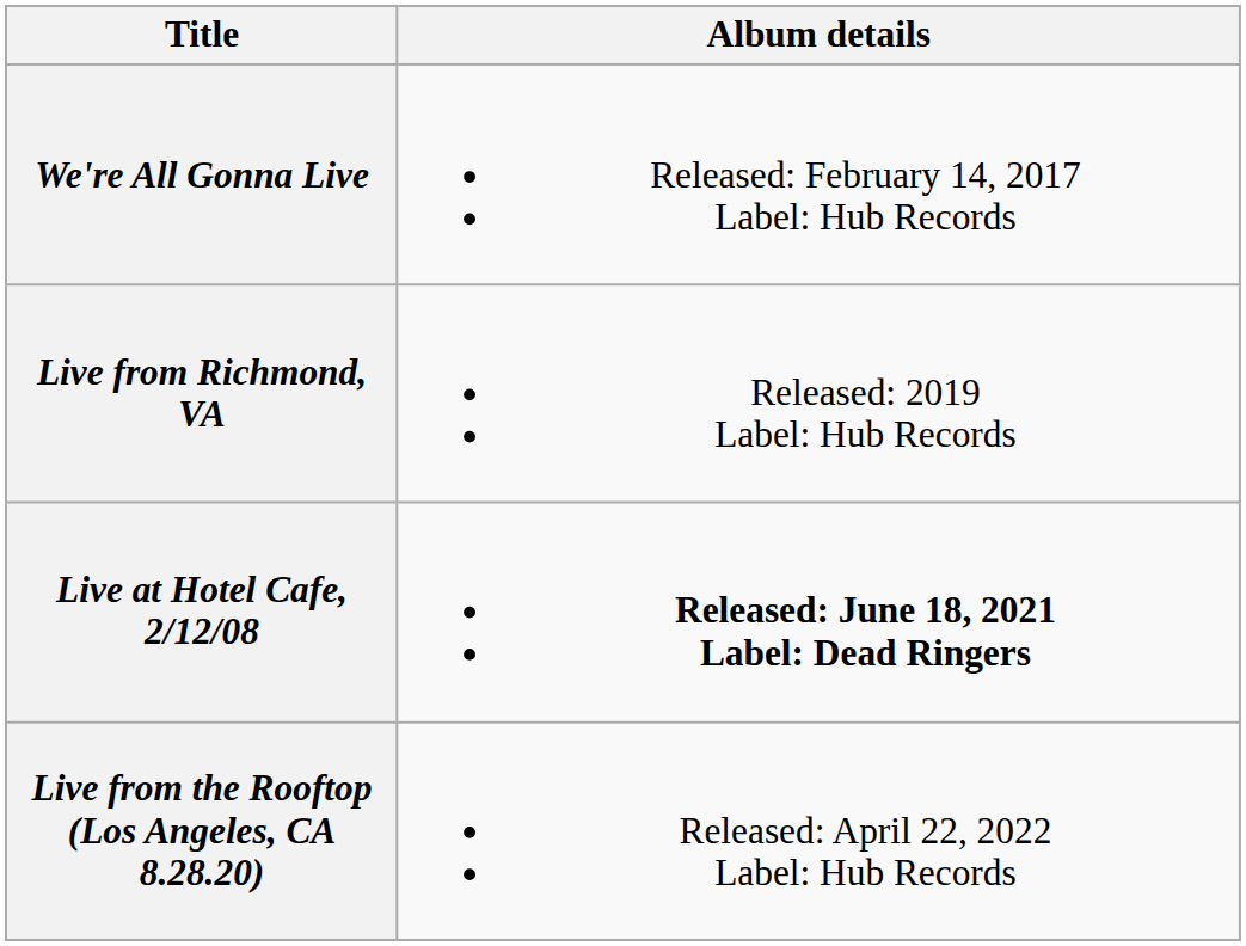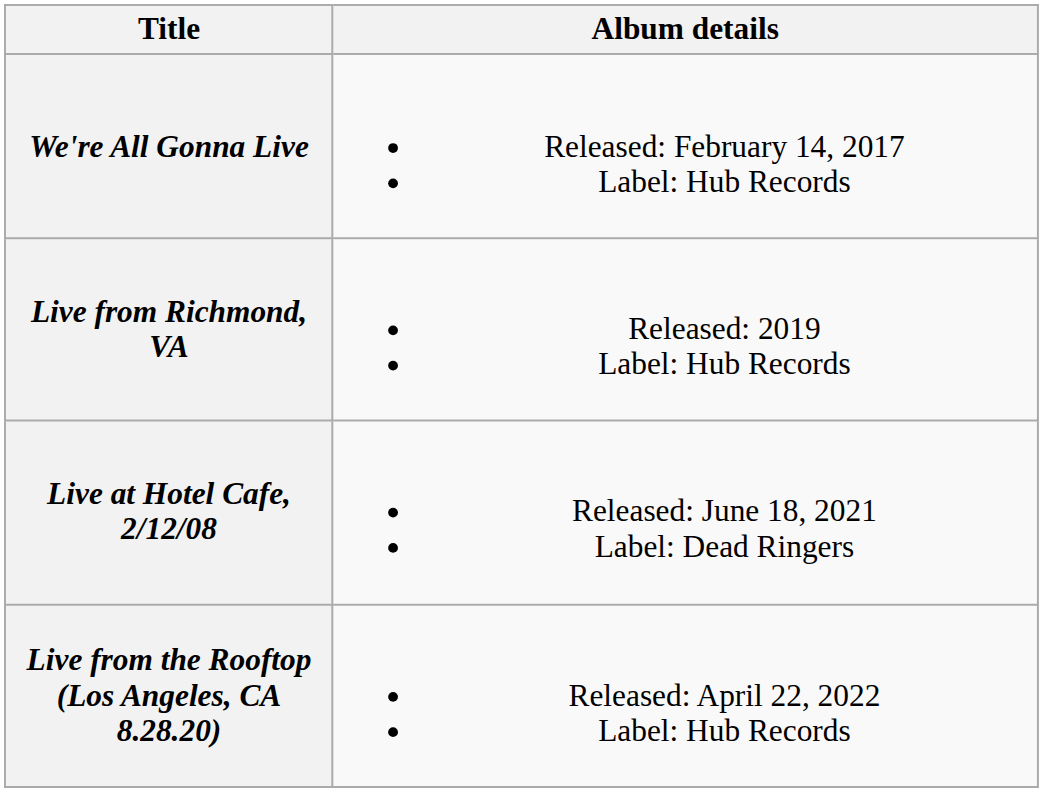 <table class="wikitable plainrowheaders" style="text-align:center;" border="1">
 <tr>
 <th scope="col" rowspan="1" style="width:10em;">Title</th>
 <th scope="col" rowspan="1" style="width:22em;">Album details</th>
 </tr>
 <tr>
 <th scope="row"><em>We're All Gonna Live</em></th>
 <td><br><ul><li>Released: February 14, 2017</li><li>Label: Hub Records</li></ul></td>
 </tr>
 <tr>
 <th scope="row"><em>Live from Richmond, VA</em></th>
 <td><br><ul><li>Released: 2019</li><li>Label: Hub Records</li></ul></td>
 </tr>
 <tr>
 <th scope="row"><em>Live at Hotel Cafe, 2/12/08</em></th>
-<td><strong><br><ul><li>Released: June 18, 2021</li><li>Label: Dead Ringers</li></ul></strong></td>
+<td><br><ul><li>Released: June 18, 2021</li><li>Label: Dead Ringers</li></ul></td>
 </tr>
 <tr>
 <th scope="row"><em>Live from the Rooftop (Los Angeles, CA 8.28.20)</em></th>
 <td><br><ul><li>Released: April 22, 2022</li><li>Label: Hub Records</li></ul></td>
 </tr>
 <tr>
 </tr>
 </table>
